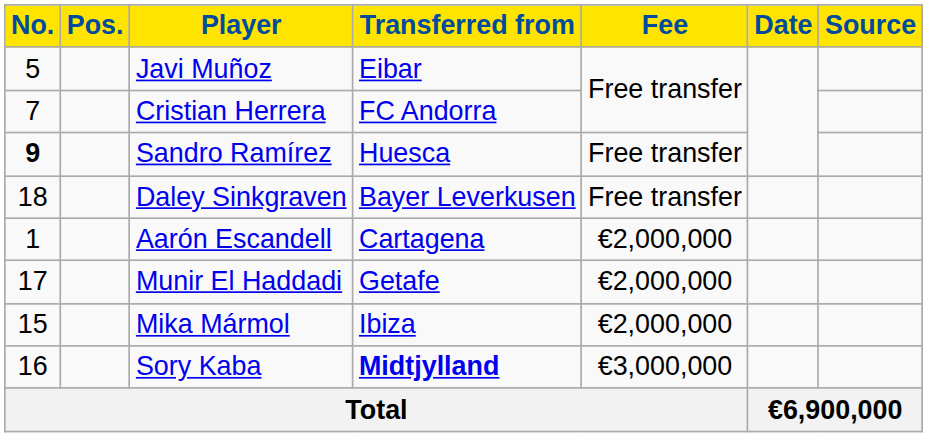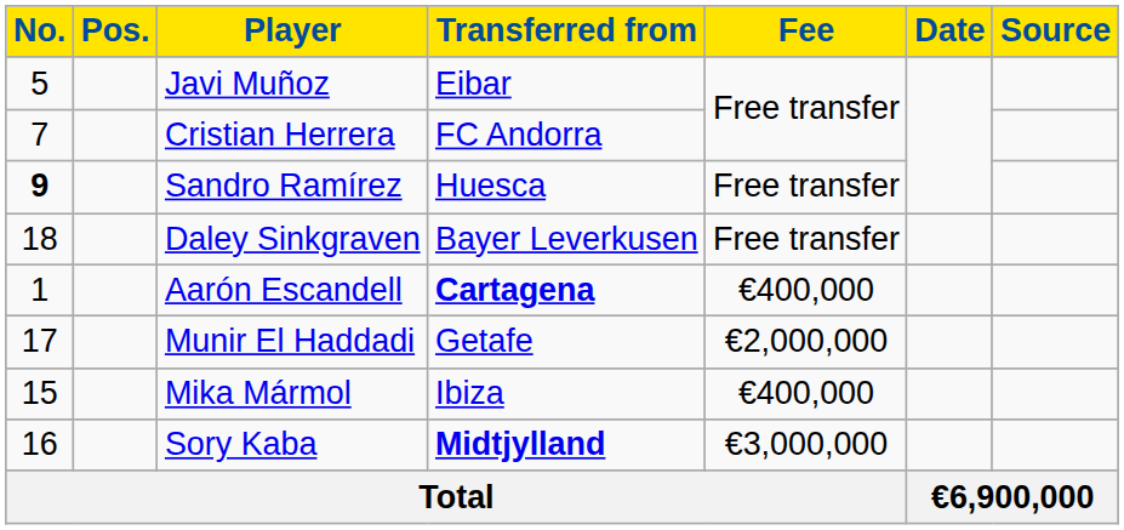 <table class="wikitable plainrowheaders sortable">
 <tr>
 <th style="background:#ffe400; color:#004b9d; ">No.</th>
 <th style="background:#ffe400; color:#004b9d; ">Pos.</th>
 <th style="background:#ffe400; color:#004b9d; ">Player</th>
 <th style="background:#ffe400; color:#004b9d; ">Transferred from</th>
 <th style="background:#ffe400; color:#004b9d; ">Fee</th>
 <th style="background:#ffe400; color:#004b9d; ">Date</th>
 <th style="background:#ffe400; color:#004b9d; ">Source</th>
 </tr>
 <tr>
 <td align=center>5</td>
 <td align=center></td>
 <td> <a href='#'>Javi Muñoz</a></td>
 <td><a href='#'>Eibar</a></td>
 <td rowspan=2; align=center>Free transfer</td>
 <td rowspan=3; align=center></td>
 <td align=center></td>
 </tr>
 <tr>
 <td align=center>7</td>
 <td align=center></td>
 <td> <a href='#'>Cristian Herrera</a></td>
 <td><a href='#'>FC Andorra</a></td>
 <td align=center></td>
 </tr>
 <tr>
 <td align=center><strong>9</strong></td>
 <td align=center></td>
 <td> <a href='#'>Sandro Ramírez</a></td>
 <td><a href='#'>Huesca</a></td>
 <td align=center>Free transfer</td>
 <td align=center></td>
 </tr>
 <tr>
 <td align=center>18</td>
 <td align=center></td>
 <td> <a href='#'>Daley Sinkgraven</a></td>
 <td> <a href='#'>Bayer Leverkusen</a></td>
 <td align=center>Free transfer</td>
 <td align=center></td>
 <td align=center></td>
 </tr>
 <tr>
 <td align=center>1</td>
 <td align=center></td>
 <td> <a href='#'>Aarón Escandell</a></td>
-<td><a href='#'>Cartagena</a></td>
-<td align=center>€2,000,000</td>
+<td><strong><a href='#'>Cartagena</a></strong></td>
+<td align=center>€400,000</td>
 <td align=center></td>
 <td align=center></td>
 </tr>
 <tr>
 <td align=center>17</td>
 <td align=center></td>
 <td> <a href='#'>Munir El Haddadi</a></td>
 <td><a href='#'>Getafe</a></td>
 <td align=center>€2,000,000</td>
 <td align=center></td>
 <td align=center></td>
 </tr>
 <tr>
 <td align=center>15</td>
 <td align=center></td>
 <td> <a href='#'>Mika Mármol</a></td>
 <td><a href='#'>Ibiza</a></td>
-<td align=center>€2,000,000</td>
+<td align=center>€400,000</td>
 <td align=center></td>
 <td align=center></td>
 </tr>
 <tr>
 <td align=center>16</td>
 <td align=center></td>
 <td> <a href='#'>Sory Kaba</a></td>
 <td><strong> <a href='#'>Midtjylland</a></strong></td>
 <td align=center>€3,000,000</td>
 <td align=center></td>
 <td align=center></td>
 </tr>
 <tr>
 <th colspan="5">Total</th>
 <th colspan="2">€6,900,000</th>
 </tr>
 </table>
